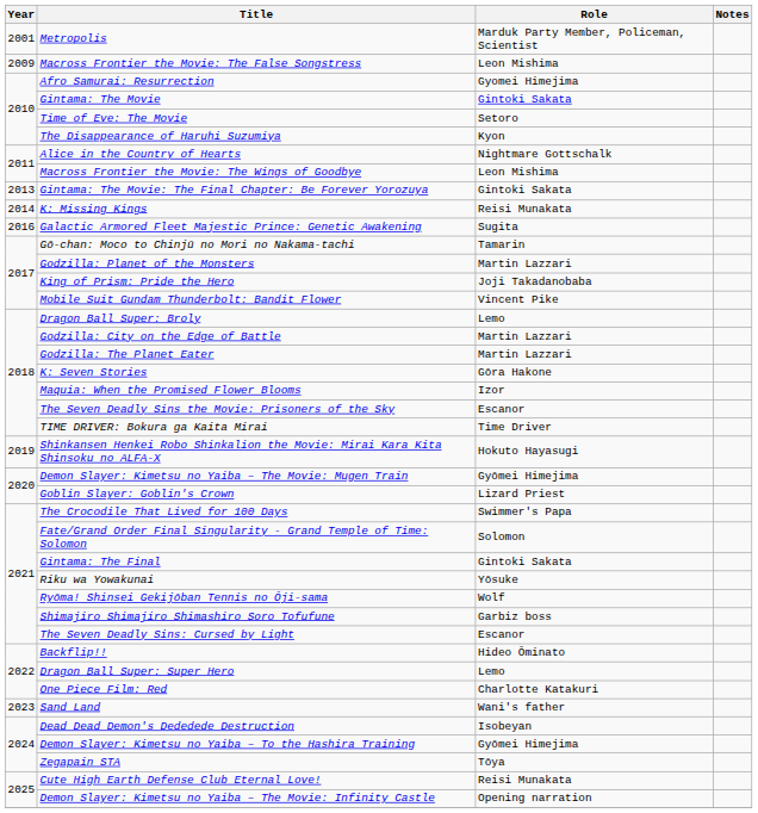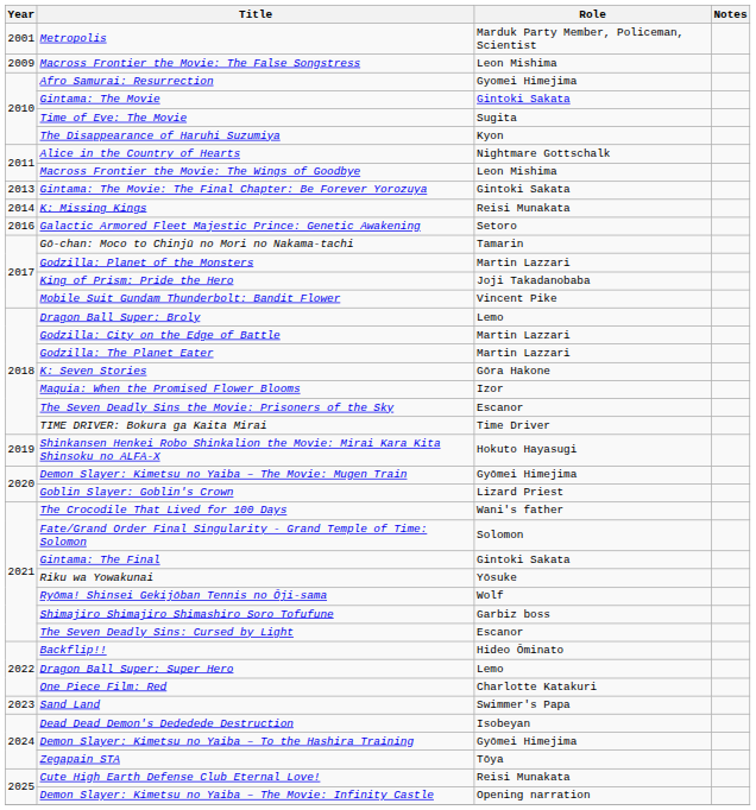 <table class="wikitable">
 <tr>
 <th>Year</th>
 <th>Title</th>
 <th>Role</th>
 <th>Notes</th>
 </tr>
 <tr>
 <td>2001</td>
 <td><em><a href='#'>Metropolis</a></em></td>
 <td>Marduk Party Member, Policeman, Scientist</td>
 <td></td>
 </tr>
 <tr>
 <td>2009</td>
 <td><em><a href='#'>Macross Frontier the Movie: The False Songstress</a></em></td>
 <td>Leon Mishima</td>
 <td></td>
 </tr>
 <tr>
 <td rowspan="4">2010</td>
 <td><em><a href='#'>Afro Samurai: Resurrection</a></em></td>
 <td>Gyomei Himejima</td>
 <td></td>
 </tr>
 <tr>
 <td><em><a href='#'>Gintama: The Movie</a></em></td>
 <td><a href='#'>Gintoki Sakata</a></td>
 <td></td>
 </tr>
 <tr>
 <td><em><a href='#'>Time of Eve: The Movie</a></em></td>
-<td>Setoro</td>
+<td>Sugita</td>
 <td></td>
 </tr>
 <tr>
 <td><em><a href='#'>The Disappearance of Haruhi Suzumiya</a></em></td>
 <td>Kyon</td>
 <td></td>
 </tr>
 <tr>
 <td rowspan="2">2011</td>
 <td><em><a href='#'>Alice in the Country of Hearts</a></em></td>
 <td>Nightmare Gottschalk</td>
 <td></td>
 </tr>
 <tr>
 <td><em><a href='#'>Macross Frontier the Movie: The Wings of Goodbye</a></em></td>
 <td>Leon Mishima</td>
 <td></td>
 </tr>
 <tr>
 <td>2013</td>
 <td><em><a href='#'>Gintama: The Movie: The Final Chapter: Be Forever Yorozuya</a></em></td>
 <td>Gintoki Sakata</td>
 <td></td>
 </tr>
 <tr>
 <td>2014</td>
 <td><em><a href='#'>K: Missing Kings</a></em></td>
 <td>Reisi Munakata</td>
 <td></td>
 </tr>
 <tr>
 <td>2016</td>
 <td><em><a href='#'>Galactic Armored Fleet Majestic Prince: Genetic Awakening</a></em></td>
-<td>Sugita</td>
+<td>Setoro</td>
 <td></td>
 </tr>
 <tr>
 <td rowspan="4">2017</td>
 <td><em>Gō-chan: Moco to Chinjū no Mori no Nakama-tachi</em></td>
 <td>Tamarin</td>
 <td></td>
 </tr>
 <tr>
 <td><em><a href='#'>Godzilla: Planet of the Monsters</a></em></td>
 <td>Martin Lazzari</td>
 <td></td>
 </tr>
 <tr>
 <td><em><a href='#'>King of Prism: Pride the Hero</a></em></td>
 <td>Joji Takadanobaba</td>
 <td></td>
 </tr>
 <tr>
 <td><em><a href='#'>Mobile Suit Gundam Thunderbolt: Bandit Flower</a></em></td>
 <td>Vincent Pike</td>
 <td></td>
 </tr>
 <tr>
 <td rowspan="7">2018</td>
 <td><em><a href='#'>Dragon Ball Super: Broly</a></em></td>
 <td>Lemo</td>
 <td></td>
 </tr>
 <tr>
 <td><em><a href='#'>Godzilla: City on the Edge of Battle</a></em></td>
 <td>Martin Lazzari</td>
 <td></td>
 </tr>
 <tr>
 <td><em><a href='#'>Godzilla: The Planet Eater</a></em></td>
 <td>Martin Lazzari</td>
 <td></td>
 </tr>
 <tr>
 <td><em><a href='#'>K: Seven Stories</a></em></td>
 <td>Gōra Hakone</td>
 <td></td>
 </tr>
 <tr>
 <td><em><a href='#'>Maquia: When the Promised Flower Blooms</a></em></td>
 <td>Izor</td>
 <td></td>
 </tr>
 <tr>
 <td><em><a href='#'>The Seven Deadly Sins the Movie: Prisoners of the Sky</a></em></td>
 <td>Escanor</td>
 <td></td>
 </tr>
 <tr>
 <td><em>TIME DRIVER: Bokura ga Kaita Mirai</em></td>
 <td>Time Driver</td>
 <td></td>
 </tr>
 <tr>
 <td rowspan="1">2019</td>
 <td><em><a href='#'>Shinkansen Henkei Robo Shinkalion the Movie: Mirai Kara Kita Shinsoku no ALFA-X</a></em></td>
 <td>Hokuto Hayasugi</td>
 <td></td>
 </tr>
 <tr>
 <td rowspan="2">2020</td>
 <td><em><a href='#'>Demon Slayer: Kimetsu no Yaiba – The Movie: Mugen Train</a></em></td>
 <td>Gyōmei Himejima</td>
 <td></td>
 </tr>
 <tr>
 <td><em><a href='#'>Goblin Slayer: Goblin's Crown</a></em></td>
 <td>Lizard Priest</td>
 <td></td>
 </tr>
 <tr>
 <td rowspan="7">2021</td>
 <td><em><a href='#'>The Crocodile That Lived for 100 Days</a></em></td>
-<td>Swimmer's Papa</td>
+<td>Wani's father</td>
 <td></td>
 </tr>
 <tr>
 <td><em><a href='#'>Fate/Grand Order Final Singularity - Grand Temple of Time: Solomon</a></em></td>
 <td>Solomon</td>
 <td></td>
 </tr>
 <tr>
 <td><em><a href='#'>Gintama: The Final</a></em></td>
 <td>Gintoki Sakata</td>
 <td></td>
 </tr>
 <tr>
 <td><em>Riku wa Yowakunai</em></td>
 <td>Yōsuke</td>
 <td></td>
 </tr>
 <tr>
 <td><em><a href='#'>Ryōma! Shinsei Gekijōban Tennis no Ōji-sama</a></em></td>
 <td>Wolf</td>
 <td></td>
 </tr>
 <tr>
 <td><em><a href='#'>Shimajiro Shimajiro Shimashiro Soro Tofufune</a></em></td>
 <td>Garbiz boss</td>
 <td></td>
 </tr>
 <tr>
 <td><em><a href='#'>The Seven Deadly Sins: Cursed by Light</a></em></td>
 <td>Escanor</td>
 <td></td>
 </tr>
 <tr>
 <td rowspan="3">2022</td>
 <td><em><a href='#'>Backflip!!</a></em></td>
 <td>Hideo Ōminato</td>
 <td></td>
 </tr>
 <tr>
 <td><em><a href='#'>Dragon Ball Super: Super Hero</a></em></td>
 <td>Lemo</td>
 <td></td>
 </tr>
 <tr>
 <td><em><a href='#'>One Piece Film: Red</a></em></td>
 <td>Charlotte Katakuri</td>
 <td></td>
 </tr>
 <tr>
 <td>2023</td>
 <td><em><a href='#'>Sand Land</a></em></td>
-<td>Wani's father</td>
+<td>Swimmer's Papa</td>
 <td></td>
 </tr>
 <tr>
 <td rowspan="3">2024</td>
 <td><em><a href='#'>Dead Dead Demon's Dededede Destruction</a></em></td>
 <td>Isobeyan</td>
 <td></td>
 </tr>
 <tr>
 <td><em><a href='#'>Demon Slayer: Kimetsu no Yaiba – To the Hashira Training</a></em></td>
 <td>Gyōmei Himejima</td>
 <td></td>
 </tr>
 <tr>
 <td><em><a href='#'>Zegapain STA</a></em></td>
 <td>Tōya</td>
 <td></td>
 </tr>
 <tr>
 <td rowspan="2">2025</td>
 <td><em><a href='#'>Cute High Earth Defense Club Eternal Love!</a></em></td>
 <td>Reisi Munakata</td>
 <td></td>
 </tr>
 <tr>
 <td><em><a href='#'>Demon Slayer: Kimetsu no Yaiba – The Movie: Infinity Castle</a></em></td>
 <td>Opening narration</td>
 <td></td>
 </tr>
 <tr>
 </tr>
 </table>
